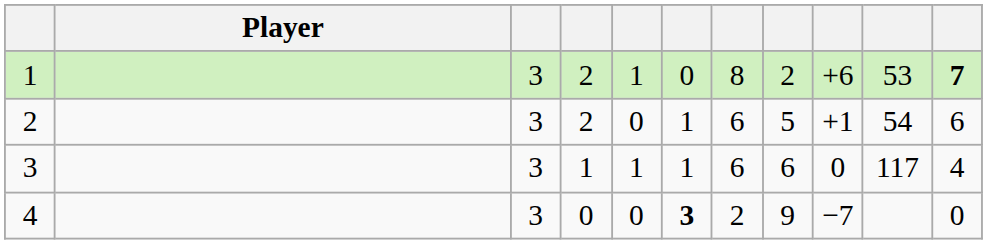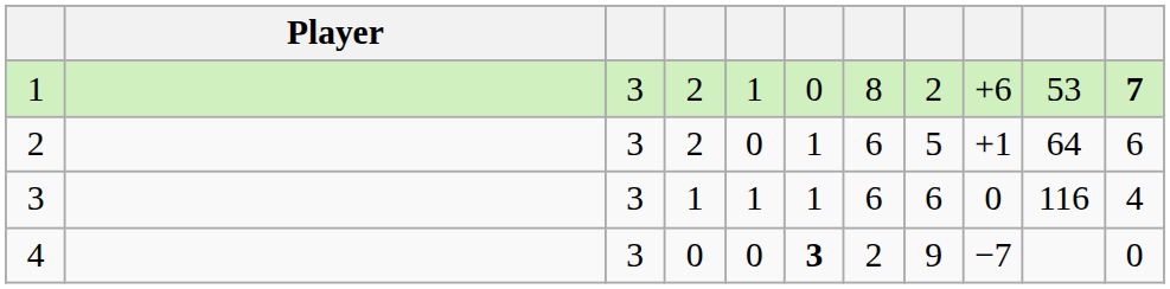 <table class="wikitable" style="text-align:center; margin: 1em auto 1em auto, align:left">
 <tr>
 <th width=20></th>
 <th width=240>Player</th>
 <th width=20></th>
 <th width=20></th>
 <th width=20></th>
 <th width=20></th>
 <th width=20></th>
 <th width=20></th>
 <th width=20></th>
 <th width=30></th>
 <th width=20></th>
 </tr>
 <tr style="background:#D0F0C0;">
 <td>1</td>
 <td align=left></td>
 <td>3</td>
 <td>2</td>
 <td>1</td>
 <td>0</td>
 <td>8</td>
 <td>2</td>
 <td>+6</td>
 <td>53</td>
 <td><strong>7</strong></td>
 </tr>
 <tr style=>
 <td>2</td>
 <td align=left></td>
 <td>3</td>
 <td>2</td>
 <td>0</td>
 <td>1</td>
 <td>6</td>
 <td>5</td>
 <td>+1</td>
-<td>54</td>
+<td>64</td>
 <td>6</td>
 </tr>
 <tr style=>
 <td>3</td>
 <td align=left></td>
 <td>3</td>
 <td>1</td>
 <td>1</td>
 <td>1</td>
 <td>6</td>
 <td>6</td>
 <td>0</td>
-<td>117</td>
+<td>116</td>
 <td>4</td>
 </tr>
 <tr style=>
 <td>4</td>
 <td align=left></td>
 <td>3</td>
 <td>0</td>
 <td>0</td>
 <td><strong>3</strong></td>
 <td>2</td>
 <td>9</td>
 <td>−7</td>
 <td></td>
 <td>0</td>
 </tr>
 </table>
